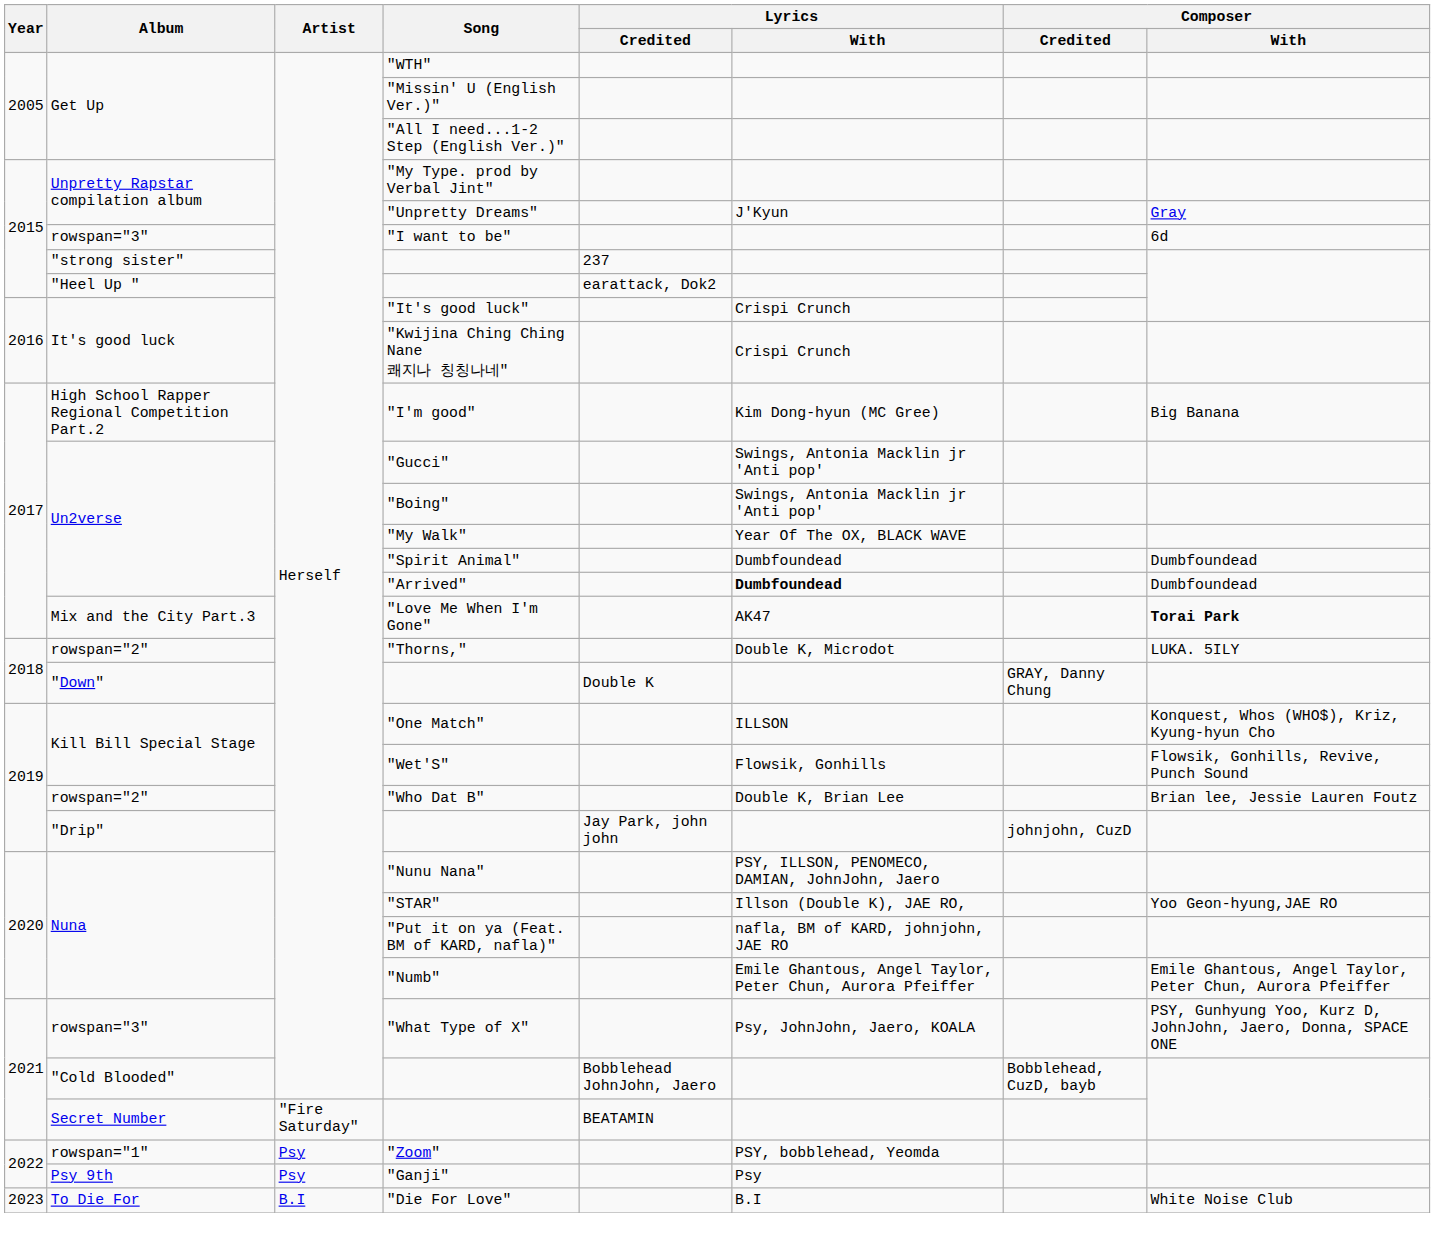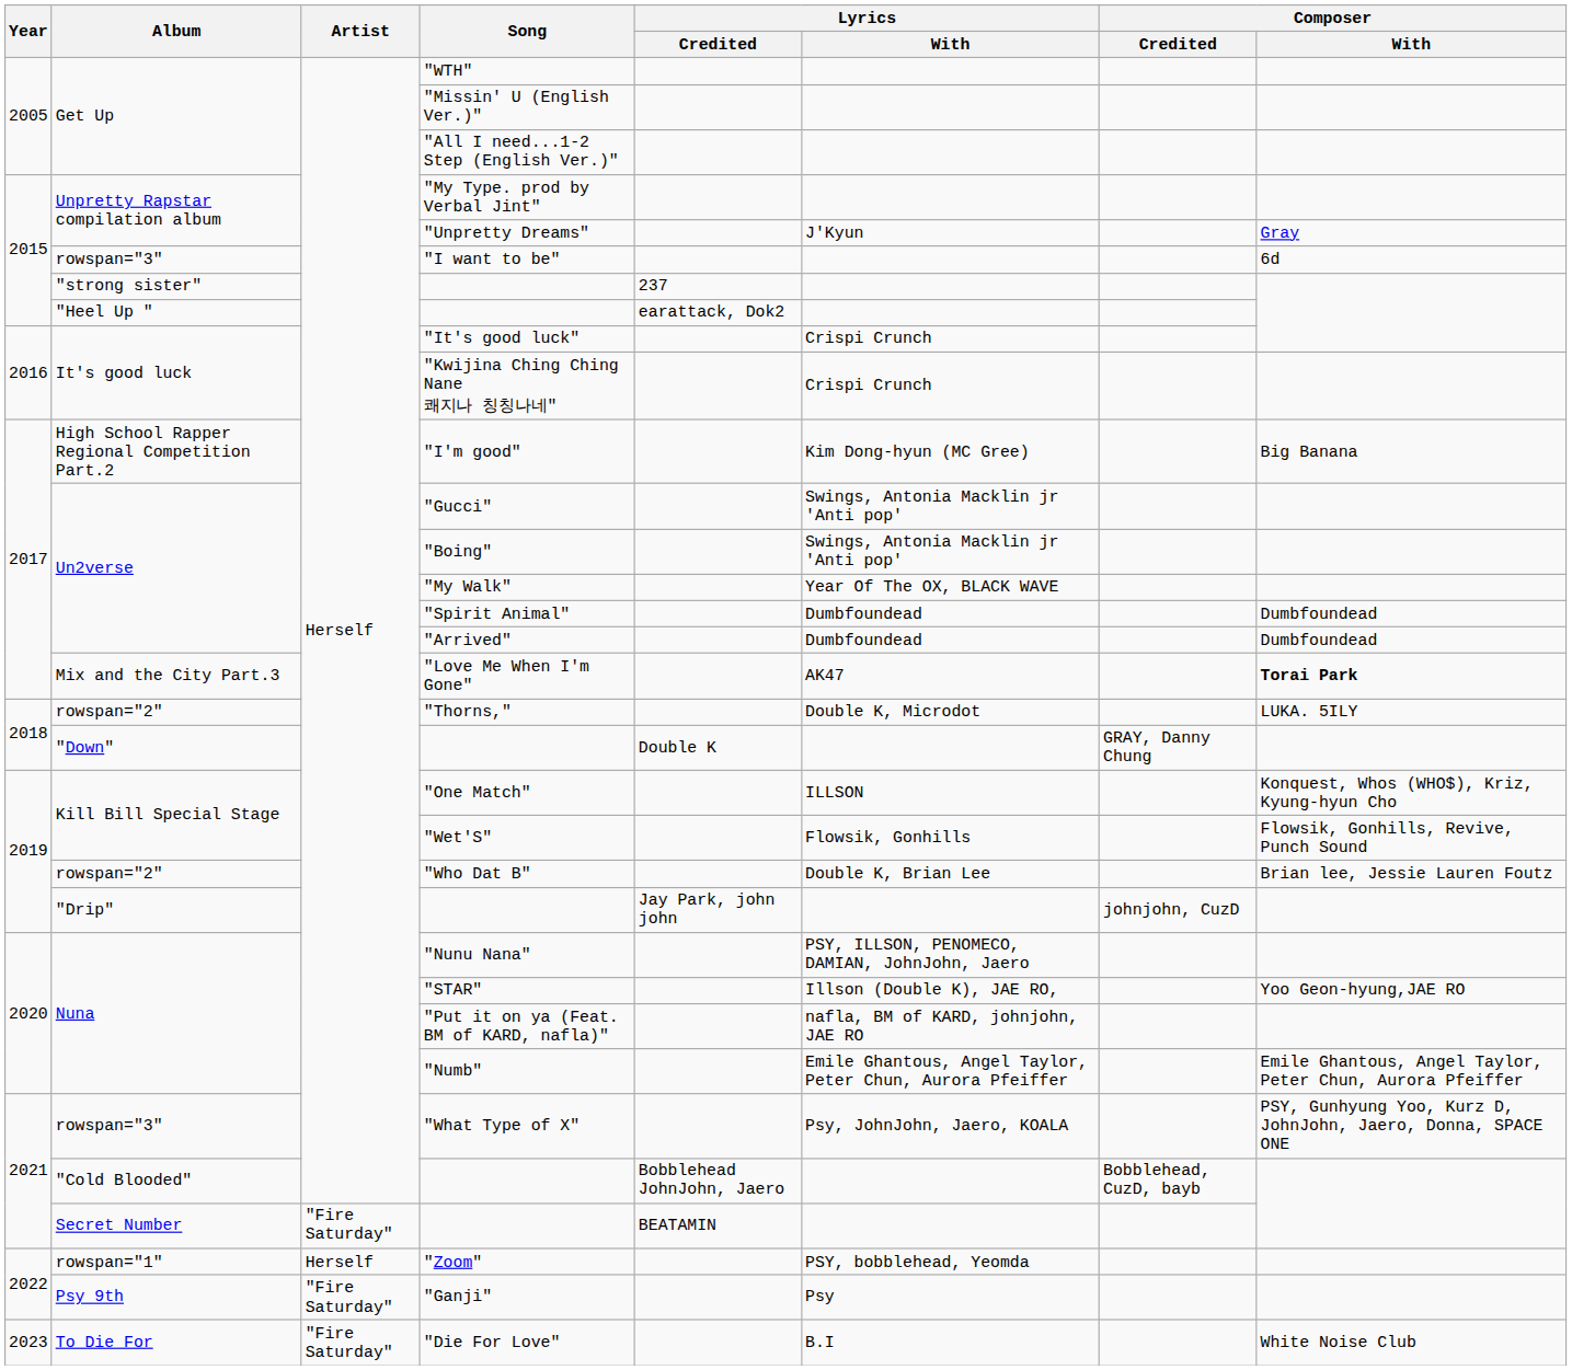 <table class="wikitable">
 <tr>
 <th rowspan="2">Year</th>
 <th rowspan="2">Album</th>
 <th rowspan="2">Artist</th>
 <th rowspan="2">Song</th>
 <th colspan="2">Lyrics</th>
 <th colspan="2">Composer</th>
 </tr>
 <tr>
 <th>Credited</th>
 <th>With</th>
 <th>Credited</th>
 <th>With</th>
 </tr>
 <tr>
 <td rowspan="3">2005</td>
 <td rowspan="3">Get Up</td>
 <td rowspan="29">Herself</td>
 <td>"WTH"</td>
 <td></td>
 <td></td>
 <td></td>
 <td></td>
 </tr>
 <tr>
 <td>"Missin' U (English Ver.)"</td>
 <td></td>
 <td></td>
 <td></td>
 <td></td>
 </tr>
 <tr>
 <td>"All I need...1-2 Step (English Ver.)"</td>
 <td></td>
 <td></td>
 <td></td>
 <td></td>
 </tr>
 <tr>
 <td rowspan="5">2015</td>
 <td rowspan="2"><a href='#'>Unpretty Rapstar</a>  compilation album</td>
 <td>"My Type. prod by Verbal Jint"</td>
 <td></td>
 <td Jintae Kim, Hyun Joo, ></td>
 <td></td>
 <td></td>
 </tr>
 <tr>
 <td>"Unpretty Dreams"</td>
 <td></td>
 <td>J'Kyun</td>
 <td></td>
 <td><a href='#'>Gray</a></td>
 </tr>
 <tr>
 <td>rowspan="3"</td>
 <td>"I want to be"</td>
 <td></td>
 <td></td>
 <td></td>
 <td>6d</td>
 </tr>
 <tr>
 <td>"strong sister"</td>
 <td></td>
 <td>237</td>
 <td></td>
 <td></td>
 </tr>
 <tr>
 <td>"Heel Up " <br></td>
 <td></td>
 <td>earattack, Dok2</td>
 <td></td>
 <td></td>
 </tr>
 <tr>
 <td rowspan="2">2016</td>
 <td rowspan="2">It's good luck</td>
 <td>"It's good luck"</td>
 <td></td>
 <td>Crispi Crunch</td>
 <td></td>
 </tr>
 <tr>
 <td>"Kwijina Ching Ching Nane<br>쾌지나 칭칭나네"</td>
 <td></td>
 <td>Crispi Crunch</td>
 <td></td>
 <td></td>
 </tr>
 <tr>
 <td rowspan="7">2017</td>
 <td rowspan="1">High School Rapper Regional Competition Part.2</td>
 <td>"I'm good"</td>
 <td></td>
 <td>Kim Dong-hyun (MC Gree)</td>
 <td></td>
 <td>Big Banana</td>
 </tr>
 <tr>
 <td rowspan="5"><a href='#'>Un2verse</a></td>
 <td>"Gucci"</td>
 <td></td>
 <td>Swings, Antonia Macklin jr 'Anti pop'</td>
 <td></td>
 <td></td>
 </tr>
 <tr>
 <td>"Boing" <br></td>
 <td></td>
 <td>Swings, Antonia Macklin jr 'Anti pop'</td>
 <td></td>
 <td></td>
 </tr>
 <tr>
 <td>"My Walk"<br></td>
 <td></td>
 <td>Year Of The OX, BLACK WAVE</td>
 <td></td>
 <td></td>
 </tr>
 <tr>
 <td>"Spirit Animal"</td>
 <td></td>
 <td>Dumbfoundead</td>
 <td></td>
 <td>Dumbfoundead</td>
 </tr>
 <tr>
 <td>"Arrived"</td>
 <td></td>
-<td><strong>Dumbfoundead</strong></td>
+<td>Dumbfoundead</td>
 <td></td>
 <td>Dumbfoundead</td>
 </tr>
 <tr>
 <td rowspan="1">Mix and the City Part.3</td>
 <td>"Love Me When I'm Gone"</td>
 <td></td>
 <td>AK47</td>
 <td></td>
 <td><strong>Torai Park</strong></td>
 </tr>
 <tr>
 <td rowspan="2">2018</td>
 <td>rowspan="2" </td>
 <td>"Thorns,"</td>
 <td></td>
 <td>Double K, Microdot</td>
 <td></td>
 <td>LUKA. 5ILY</td>
 </tr>
 <tr>
 <td>"<a href='#'>Down</a>"</td>
 <td></td>
 <td>Double K</td>
 <td></td>
 <td>GRAY, Danny Chung</td>
 </tr>
 <tr>
 <td rowspan="4">2019</td>
 <td rowspan="2">Kill Bill Special Stage</td>
 <td>"One Match"<br></td>
 <td></td>
 <td>ILLSON</td>
 <td></td>
 <td>Konquest, Whos (WHO$), Kriz, Kyung-hyun Cho</td>
 </tr>
 <tr>
 <td>"Wet'S"<br></td>
 <td></td>
 <td>Flowsik, Gonhills</td>
 <td></td>
 <td>Flowsik, Gonhills, Revive, Punch Sound</td>
 </tr>
 <tr>
 <td>rowspan="2" </td>
 <td>"Who Dat B"</td>
 <td></td>
 <td>Double K, Brian Lee</td>
 <td></td>
 <td>Brian lee, Jessie Lauren Foutz</td>
 </tr>
 <tr>
 <td>"Drip"<br></td>
 <td></td>
 <td>Jay Park, john john</td>
 <td></td>
 <td>johnjohn, CuzD</td>
 </tr>
 <tr>
 <td rowspan="4">2020</td>
 <td rowspan="4"><a href='#'>Nuna</a></td>
 <td>"Nunu Nana"</td>
 <td></td>
 <td>PSY, ILLSON, PENOMECO, DAMIAN, JohnJohn, Jaero</td>
 <td></td>
 <td></td>
 </tr>
 <tr>
 <td>"STAR"</td>
 <td></td>
 <td>Illson (Double K), JAE RO,</td>
 <td></td>
 <td>Yoo Geon-hyung,JAE RO</td>
 </tr>
 <tr>
 <td>"Put it on ya (Feat. BM of KARD, nafla)"</td>
 <td></td>
 <td>nafla, BM of KARD, johnjohn, JAE RO</td>
 <td></td>
 <td></td>
 </tr>
 <tr>
 <td>"Numb"</td>
 <td></td>
 <td>Emile Ghantous, Angel Taylor, Peter Chun, Aurora Pfeiffer</td>
 <td></td>
 <td>Emile Ghantous, Angel Taylor, Peter Chun, Aurora Pfeiffer</td>
 </tr>
 <tr>
 <td rowspan="3">2021</td>
 <td>rowspan="3" </td>
 <td>"What Type of X"</td>
 <td></td>
 <td>Psy, JohnJohn, Jaero, KOALA</td>
 <td></td>
 <td>PSY, Gunhyung Yoo, Kurz D, JohnJohn, Jaero, Donna, SPACE ONE</td>
 </tr>
 <tr>
 <td>"Cold Blooded"</td>
 <td></td>
 <td>Bobblehead JohnJohn, Jaero</td>
 <td></td>
 <td>Bobblehead, CuzD, bayb</td>
 </tr>
 <tr>
 <td><a href='#'>Secret Number</a></td>
 <td>"Fire Saturday"</td>
 <td></td>
 <td>BEATAMIN</td>
 <td></td>
 <td></td>
 </tr>
 <tr>
 <td rowspan="2">2022</td>
 <td>rowspan="1" </td>
-<td><a href='#'>Psy</a></td>
+<td>Herself</td>
 <td>"<a href='#'>Zoom</a>"</td>
 <td></td>
 <td>PSY, bobblehead, Yeomda</td>
 <td></td>
 <td></td>
 </tr>
 <tr>
 <td><a href='#'>Psy 9th</a></td>
-<td><a href='#'>Psy</a></td>
+<td>"Fire Saturday"</td>
 <td>"Ganji"</td>
 <td></td>
 <td>Psy</td>
 <td></td>
 <td></td>
 </tr>
 <tr>
 <td>2023</td>
 <td><a href='#'>To Die For</a></td>
-<td><a href='#'>B.I</a></td>
+<td>"Fire Saturday"</td>
 <td>"Die For Love"</td>
 <td></td>
 <td>B.I</td>
 <td></td>
 <td>White Noise Club</td>
 </tr>
 </table>
